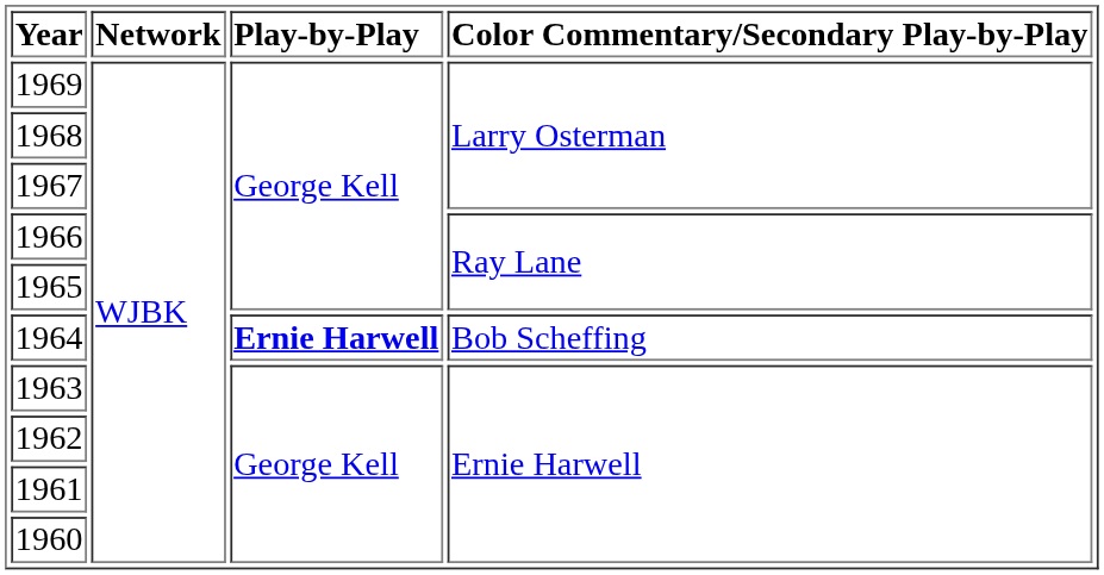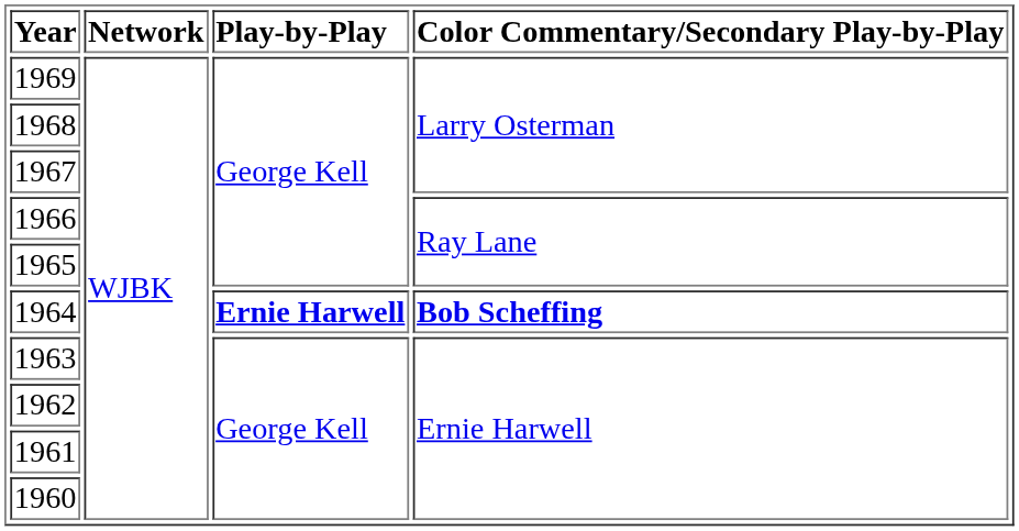 <table border="1" cellpadding="1">
 <tr>
 <td><strong>Year</strong></td>
 <td><strong>Network</strong></td>
 <td><strong>Play-by-Play</strong></td>
 <td><strong>Color Commentary/Secondary Play-by-Play</strong></td>
 </tr>
 <tr>
 <td>1969</td>
 <td rowspan=10><a href='#'>WJBK</a></td>
 <td rowspan=5><a href='#'>George Kell</a></td>
 <td rowspan=3><a href='#'>Larry Osterman</a></td>
 </tr>
 <tr>
 <td>1968</td>
 </tr>
 <tr>
 <td>1967</td>
 </tr>
 <tr>
 <td>1966</td>
 <td rowspan=2><a href='#'>Ray Lane</a></td>
 </tr>
 <tr>
 <td>1965</td>
 </tr>
 <tr>
 <td>1964</td>
 <td><strong><a href='#'>Ernie Harwell</a></strong></td>
-<td><a href='#'>Bob Scheffing</a></td>
+<td><strong><a href='#'>Bob Scheffing</a></strong></td>
 </tr>
 <tr>
 <td>1963</td>
 <td rowspan=4><a href='#'>George Kell</a></td>
 <td rowspan=4><a href='#'>Ernie Harwell</a></td>
 </tr>
 <tr>
 <td>1962</td>
 </tr>
 <tr>
 <td>1961</td>
 </tr>
 <tr>
 <td>1960</td>
 </tr>
 </table>
